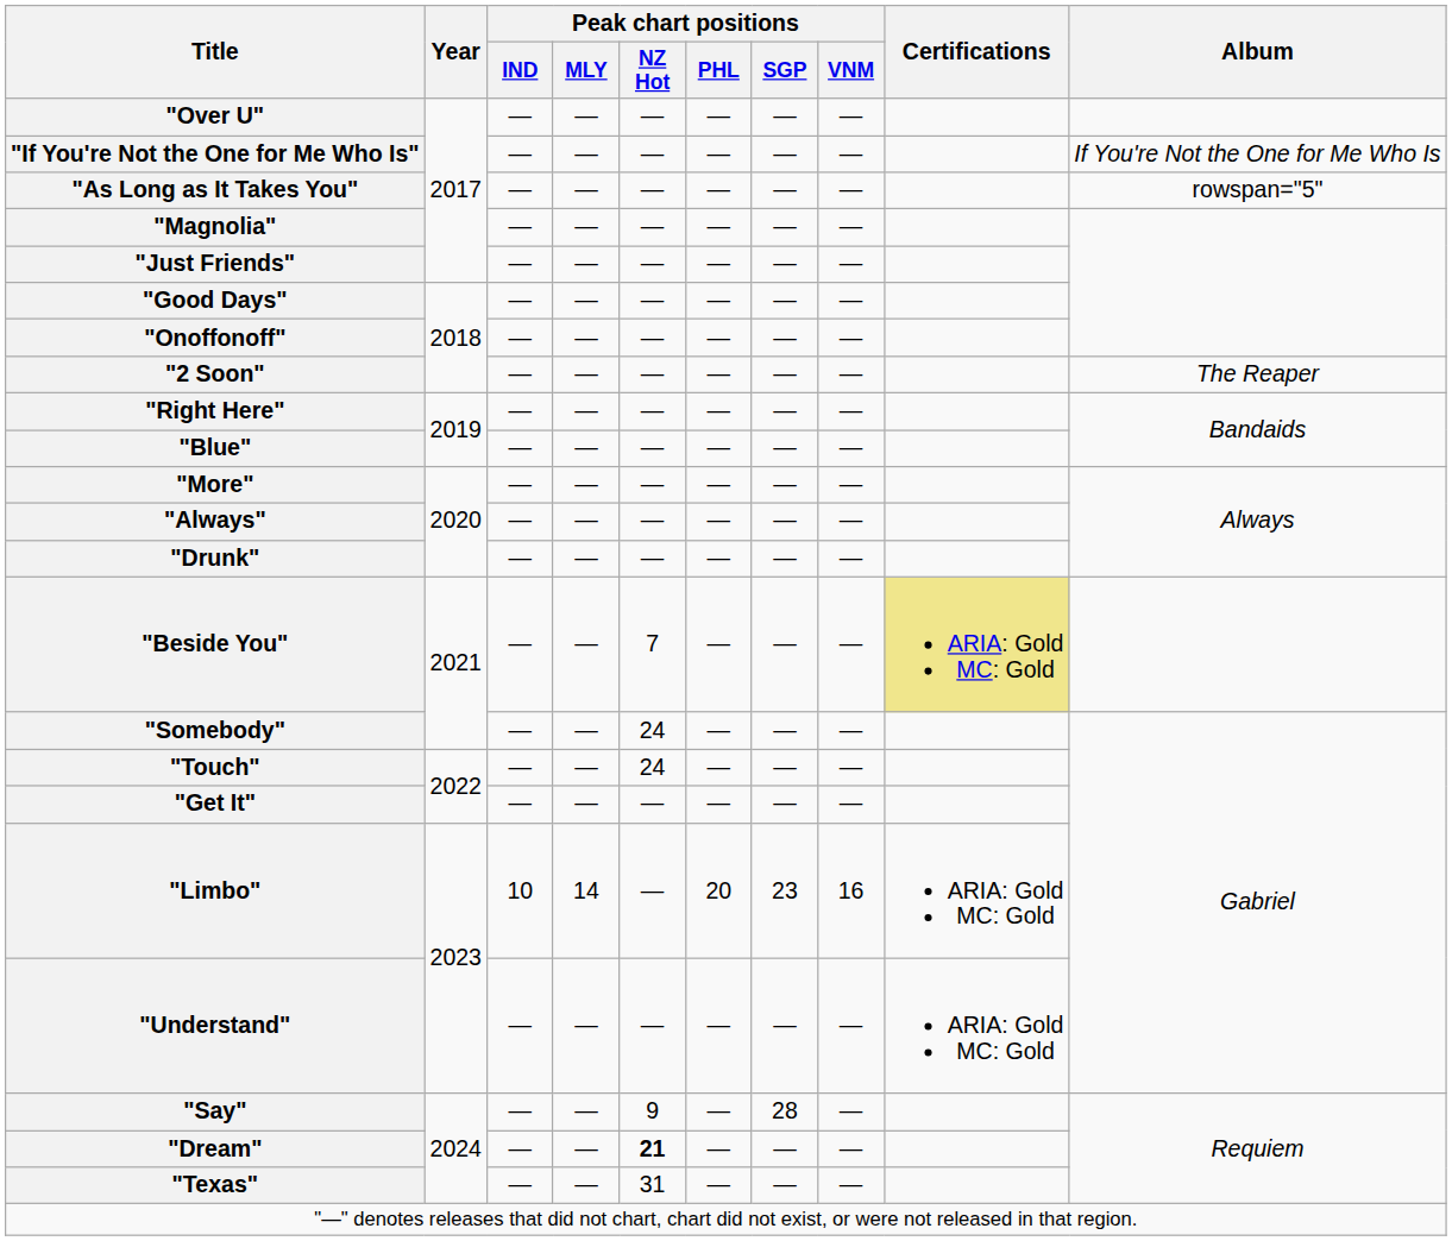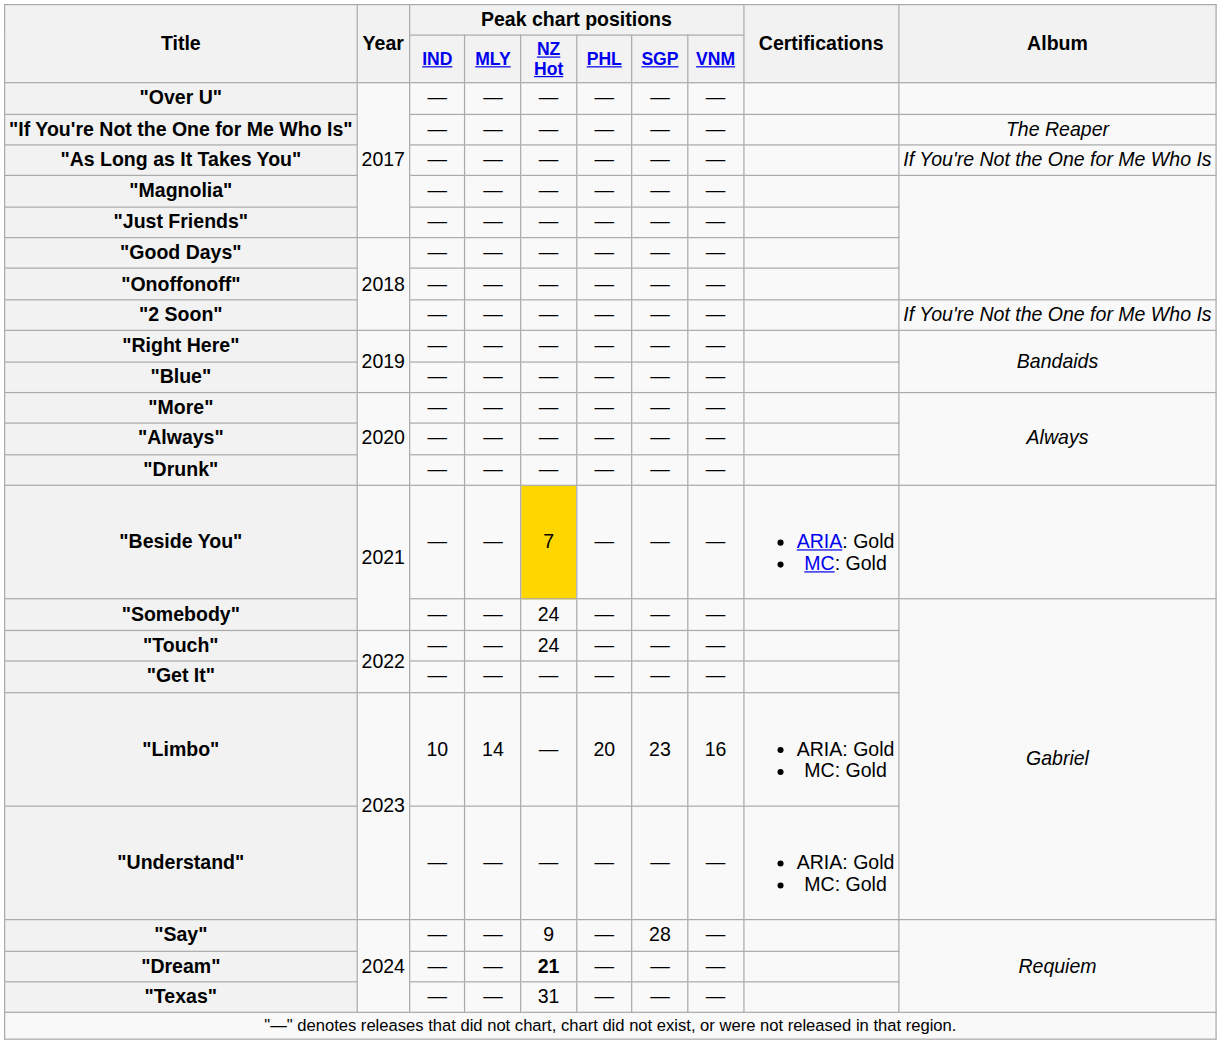 <table class="wikitable plainrowheaders" style="text-align:center;" border="1">
 <tr>
 <th rowspan="2" scope="col">Title</th>
 <th rowspan="2" scope="col">Year</th>
 <th colspan="6" scope="col">Peak chart positions</th>
 <th rowspan="2">Certifications</th>
 <th rowspan="2" scope="col">Album</th>
 </tr>
 <tr>
 <th scope="col" style="width:2.7em;font-size:90%;"><a href='#'>IND</a></th>
 <th scope="col" style="width:2.7em;font-size:90%;"><a href='#'>MLY</a></th>
 <th scope="col" style="width:2.7em;font-size:90%;"><a href='#'>NZ<br>Hot</a><br></th>
 <th scope="col" style="width:2.7em;font-size:90%;"><a href='#'>PHL</a></th>
 <th scope="col" style="width:2.7em;font-size:90%;"><a href='#'>SGP</a><br></th>
 <th scope="col" style="width:2.7em;font-size:90%;"><a href='#'>VNM</a><br></th>
 </tr>
 <tr>
 <th scope="row">"Over U"</th>
 <td rowspan="5">2017</td>
 <td>—</td>
 <td>—</td>
 <td>—</td>
 <td>—</td>
 <td>—</td>
 <td>—</td>
 <td></td>
 <td></td>
 </tr>
 <tr>
 <th scope="row">"If You're Not the One for Me Who Is"</th>
 <td>—</td>
 <td>—</td>
 <td>—</td>
 <td>—</td>
 <td>—</td>
 <td>—</td>
 <td></td>
-<td><em>If You're Not the One for Me Who Is</em></td>
+<td><em>The Reaper</em></td>
 </tr>
 <tr>
 <th scope="row">"As Long as It Takes You"</th>
 <td>—</td>
 <td>—</td>
 <td>—</td>
 <td>—</td>
 <td>—</td>
 <td>—</td>
 <td></td>
-<td>rowspan="5" </td>
+<td><em>If You're Not the One for Me Who Is</em></td>
 </tr>
 <tr>
 <th scope="row">"Magnolia"</th>
 <td>—</td>
 <td>—</td>
 <td>—</td>
 <td>—</td>
 <td>—</td>
 <td>—</td>
 <td></td>
 </tr>
 <tr>
 <th scope="row">"Just Friends"</th>
 <td>—</td>
 <td>—</td>
 <td>—</td>
 <td>—</td>
 <td>—</td>
 <td>—</td>
 <td></td>
 </tr>
 <tr>
 <th scope="row">"Good Days"</th>
 <td rowspan="3">2018</td>
 <td>—</td>
 <td>—</td>
 <td>—</td>
 <td>—</td>
 <td>—</td>
 <td>—</td>
 <td></td>
 </tr>
 <tr>
 <th scope="row">"Onoffonoff"</th>
 <td>—</td>
 <td>—</td>
 <td>—</td>
 <td>—</td>
 <td>—</td>
 <td>—</td>
 <td></td>
 </tr>
 <tr>
 <th scope="row">"2 Soon"</th>
 <td>—</td>
 <td>—</td>
 <td>—</td>
 <td>—</td>
 <td>—</td>
 <td>—</td>
 <td></td>
-<td><em>The Reaper</em></td>
+<td><em>If You're Not the One for Me Who Is</em></td>
 </tr>
 <tr>
 <th scope="row">"Right Here"</th>
 <td rowspan="2">2019</td>
 <td>—</td>
 <td>—</td>
 <td>—</td>
 <td>—</td>
 <td>—</td>
 <td>—</td>
 <td></td>
 <td rowspan="2"><em>Bandaids</em></td>
 </tr>
 <tr>
 <th scope="row">"Blue"</th>
 <td>—</td>
 <td>—</td>
 <td>—</td>
 <td>—</td>
 <td>—</td>
 <td>—</td>
 <td></td>
 </tr>
 <tr>
 <th scope="row">"More"</th>
 <td rowspan="3">2020</td>
 <td>—</td>
 <td>—</td>
 <td>—</td>
 <td>—</td>
 <td>—</td>
 <td>—</td>
 <td></td>
 <td rowspan="3"><em>Always</em></td>
 </tr>
 <tr>
 <th scope="row">"Always"</th>
 <td>—</td>
 <td>—</td>
 <td>—</td>
 <td>—</td>
 <td>—</td>
 <td>—</td>
 <td></td>
 </tr>
 <tr>
 <th scope="row">"Drunk"</th>
 <td>—</td>
 <td>—</td>
 <td>—</td>
 <td>—</td>
 <td>—</td>
 <td>—</td>
 <td></td>
 </tr>
 <tr>
 <th scope="row">"Beside You"</th>
 <td rowspan="2">2021</td>
 <td>—</td>
 <td>—</td>
-<td>7</td>
+<td style="background: gold;">7</td>
 <td>—</td>
 <td>—</td>
 <td>—</td>
-<td style="background: khaki;"><br><ul><li><a href='#'>ARIA</a>: Gold</li><li><a href='#'>MC</a>: Gold</li></ul></td>
+<td><br><ul><li><a href='#'>ARIA</a>: Gold</li><li><a href='#'>MC</a>: Gold</li></ul></td>
 <td></td>
 </tr>
 <tr>
 <th scope="row">"Somebody"</th>
 <td>—</td>
 <td>—</td>
 <td>24</td>
 <td>—</td>
 <td>—</td>
 <td>—</td>
 <td></td>
 <td rowspan="5"><em>Gabriel</em></td>
 </tr>
 <tr>
 <th scope="row">"Touch"</th>
 <td rowspan="2">2022</td>
 <td>—</td>
 <td>—</td>
 <td>24</td>
 <td>—</td>
 <td>—</td>
 <td>—</td>
 <td></td>
 </tr>
 <tr>
 <th scope="row">"Get It"</th>
 <td>—</td>
 <td>—</td>
 <td>—</td>
 <td>—</td>
 <td>—</td>
 <td>—</td>
 <td></td>
 </tr>
 <tr>
 <th scope="row">"Limbo"</th>
 <td rowspan="2">2023</td>
 <td>10</td>
 <td>14</td>
 <td>—</td>
 <td>20</td>
 <td>23</td>
 <td>16</td>
 <td><br><ul><li>ARIA: Gold</li><li>MC: Gold</li></ul></td>
 </tr>
 <tr>
 <th scope="row">"Understand"</th>
 <td>—</td>
 <td>—</td>
 <td>—</td>
 <td>—</td>
 <td>—</td>
 <td>—</td>
 <td><br><ul><li>ARIA: Gold</li><li>MC: Gold</li></ul></td>
 </tr>
 <tr>
 <th scope="row">"Say"</th>
 <td rowspan="3">2024</td>
 <td>—</td>
 <td>—</td>
 <td>9</td>
 <td>—</td>
 <td>28</td>
 <td>—</td>
 <td></td>
 <td rowspan="3"><em>Requiem</em></td>
 </tr>
 <tr>
 <th scope="row">"Dream"</th>
 <td>—</td>
 <td>—</td>
 <td><strong>21</strong></td>
 <td>—</td>
 <td>—</td>
 <td>—</td>
 <td></td>
 </tr>
 <tr>
 <th scope="row">"Texas"</th>
 <td>—</td>
 <td>—</td>
 <td>31</td>
 <td>—</td>
 <td>—</td>
 <td>—</td>
 <td></td>
 </tr>
 <tr>
 <td colspan="10" style="font-size:85%">"—" denotes releases that did not chart, chart did not exist, or were not released in that region.</td>
 </tr>
 </table>
